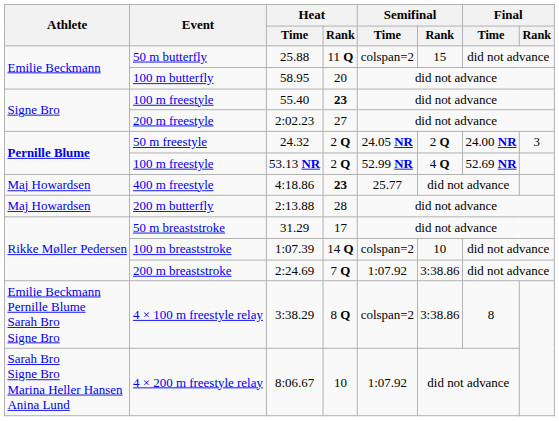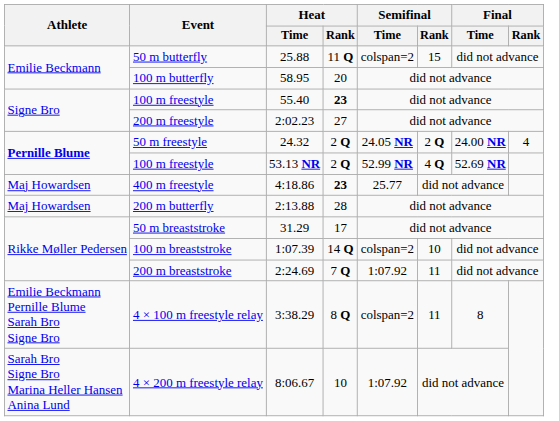 <table class=wikitable style="font-size:90%;text-align:center">
 <tr>
 <th rowspan="2">Athlete</th>
 <th rowspan="2">Event</th>
 <th colspan="2">Heat</th>
 <th colspan="2">Semifinal</th>
 <th colspan="2">Final</th>
 </tr>
 <tr style="font-size:95%">
 <th>Time</th>
 <th>Rank</th>
 <th>Time</th>
 <th>Rank</th>
 <th>Time</th>
 <th>Rank</th>
 </tr>
 <tr>
 <td style="text-align:left" rowspan=2><a href='#'>Emilie Beckmann</a></td>
 <td style="text-align:left"><a href='#'>50 m butterfly</a></td>
 <td>25.88</td>
 <td>11 <strong>Q</strong></td>
 <td>colspan=2 </td>
 <td>15</td>
 <td colspan=2>did not advance</td>
 </tr>
 <tr>
 <td style="text-align:left"><a href='#'>100 m butterfly</a></td>
 <td>58.95</td>
 <td>20</td>
 <td colspan=4>did not advance</td>
 </tr>
 <tr>
 <td style="text-align:left" rowspan=2><a href='#'>Signe Bro</a></td>
 <td style="text-align:left"><a href='#'>100 m freestyle</a></td>
 <td>55.40</td>
 <td><strong>23</strong></td>
 <td colspan=4>did not advance</td>
 </tr>
 <tr>
 <td style="text-align:left"><a href='#'>200 m freestyle</a></td>
 <td>2:02.23</td>
 <td>27</td>
 <td colspan=4>did not advance</td>
 </tr>
 <tr>
 <td style="text-align:left" rowspan=2><strong><a href='#'>Pernille Blume</a></strong></td>
 <td style="text-align:left"><a href='#'>50 m freestyle</a></td>
 <td>24.32</td>
 <td>2 <strong>Q</strong></td>
 <td>24.05 <strong><a href='#'>NR</a></strong></td>
 <td>2 <strong>Q</strong></td>
 <td>24.00 <strong><a href='#'>NR</a></strong></td>
-<td>3</td>
+<td>4</td>
 </tr>
 <tr>
 <td style="text-align:left"><a href='#'>100 m freestyle</a></td>
 <td>53.13 <strong><a href='#'>NR</a></strong></td>
 <td>2 <strong>Q</strong></td>
 <td>52.99 <strong><a href='#'>NR</a></strong></td>
 <td>4 <strong>Q</strong></td>
 <td>52.69 <strong><a href='#'>NR</a></strong></td>
 <td></td>
 </tr>
 <tr>
 <td style="text-align:left"><a href='#'>Maj Howardsen</a></td>
 <td style="text-align:left"><a href='#'>400 m freestyle</a></td>
 <td>4:18.86</td>
 <td><strong>23</strong></td>
 <td>25.77</td>
 <td colspan=2>did not advance</td>
 </tr>
 <tr>
 <td style="text-align:left"><a href='#'>Maj Howardsen</a></td>
 <td style="text-align:left"><a href='#'>200 m butterfly</a></td>
 <td>2:13.88</td>
 <td>28</td>
 <td colspan=4>did not advance</td>
 </tr>
 <tr>
 <td style="text-align:left" rowspan=3><a href='#'>Rikke Møller Pedersen</a></td>
 <td style="text-align:left"><a href='#'>50 m breaststroke</a></td>
 <td>31.29</td>
 <td>17</td>
 <td colspan=4>did not advance</td>
 </tr>
 <tr>
 <td style="text-align:left"><a href='#'>100 m breaststroke</a></td>
 <td>1:07.39</td>
 <td>14 <strong>Q</strong></td>
 <td>colspan=2 </td>
 <td>10</td>
 <td colspan=2>did not advance</td>
 </tr>
 <tr>
 <td style="text-align:left"><a href='#'>200 m breaststroke</a></td>
 <td>2:24.69</td>
 <td>7 <strong>Q</strong></td>
 <td>1:07.92</td>
-<td>3:38.86</td>
+<td>11</td>
 <td colspan=2>did not advance</td>
 </tr>
 <tr>
 <td style="text-align:left"><a href='#'>Emilie Beckmann</a><br><a href='#'>Pernille Blume</a><br><a href='#'>Sarah Bro</a><br><a href='#'>Signe Bro</a></td>
 <td style="text-align:left"><a href='#'>4 × 100 m freestyle relay</a></td>
 <td>3:38.29</td>
 <td>8 <strong>Q</strong></td>
 <td>colspan=2 </td>
-<td>3:38.86</td>
+<td>11</td>
 <td>8</td>
 </tr>
 <tr>
 <td style="text-align:left"><a href='#'>Sarah Bro</a><br><a href='#'>Signe Bro</a><br><a href='#'>Marina Heller Hansen</a><br><a href='#'>Anina Lund</a></td>
 <td style="text-align:left"><a href='#'>4 × 200 m freestyle relay</a></td>
 <td>8:06.67</td>
 <td>10</td>
 <td>1:07.92</td>
 <td colspan=2>did not advance</td>
 </tr>
 </table>
